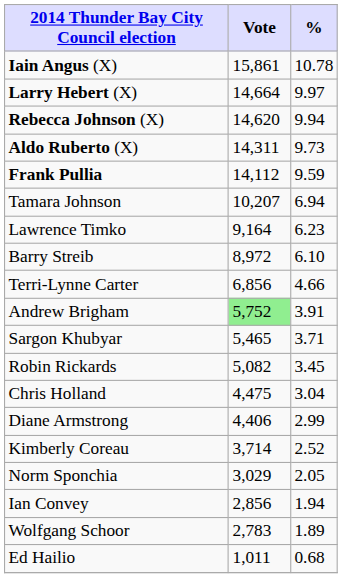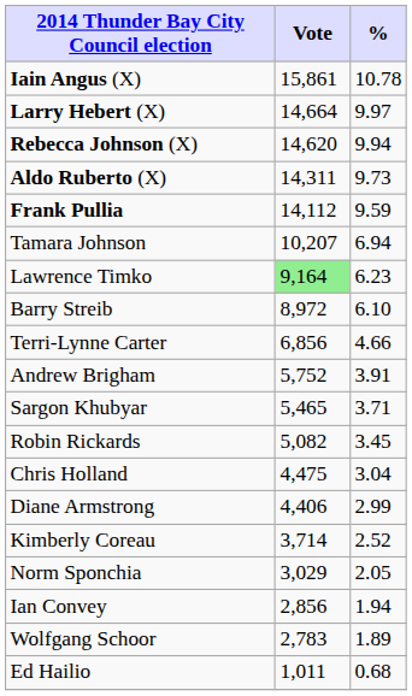 <table class="wikitable">
 <tr>
 <th style="background:#ddf; width:200px;"><a href='#'>2014 Thunder Bay City Council election</a></th>
 <th style="background:#ddf; width:50px;">Vote</th>
 <th style="background:#ddf; width:30px;">%</th>
 </tr>
 <tr>
 <td><strong>Iain Angus</strong> (X)</td>
 <td>15,861</td>
 <td>10.78</td>
 </tr>
 <tr>
 <td><strong>Larry Hebert</strong> (X)</td>
 <td>14,664</td>
 <td>9.97</td>
 </tr>
 <tr>
 <td><strong>Rebecca Johnson</strong> (X)</td>
 <td>14,620</td>
 <td>9.94</td>
 </tr>
 <tr>
 <td><strong>Aldo Ruberto</strong> (X)</td>
 <td>14,311</td>
 <td>9.73</td>
 </tr>
 <tr>
 <td><strong>Frank Pullia</strong></td>
 <td>14,112</td>
 <td>9.59</td>
 </tr>
 <tr>
 <td>Tamara Johnson</td>
 <td>10,207</td>
 <td>6.94</td>
 </tr>
 <tr>
 <td>Lawrence Timko</td>
-<td>9,164</td>
+<td style="background: lightgreen;">9,164</td>
 <td>6.23</td>
 </tr>
 <tr>
 <td>Barry Streib</td>
 <td>8,972</td>
 <td>6.10</td>
 </tr>
 <tr>
 <td>Terri-Lynne Carter</td>
 <td>6,856</td>
 <td>4.66</td>
 </tr>
 <tr>
 <td>Andrew Brigham</td>
-<td style="background: lightgreen;">5,752</td>
+<td>5,752</td>
 <td>3.91</td>
 </tr>
 <tr>
 <td>Sargon Khubyar</td>
 <td>5,465</td>
 <td>3.71</td>
 </tr>
 <tr>
 <td>Robin Rickards</td>
 <td>5,082</td>
 <td>3.45</td>
 </tr>
 <tr>
 <td>Chris Holland</td>
 <td>4,475</td>
 <td>3.04</td>
 </tr>
 <tr>
 <td>Diane Armstrong</td>
 <td>4,406</td>
 <td>2.99</td>
 </tr>
 <tr>
 <td>Kimberly Coreau</td>
 <td>3,714</td>
 <td>2.52</td>
 </tr>
 <tr>
 <td>Norm Sponchia</td>
 <td>3,029</td>
 <td>2.05</td>
 </tr>
 <tr>
 <td>Ian Convey</td>
 <td>2,856</td>
 <td>1.94</td>
 </tr>
 <tr>
 <td>Wolfgang Schoor</td>
 <td>2,783</td>
 <td>1.89</td>
 </tr>
 <tr>
 <td>Ed Hailio</td>
 <td>1,011</td>
 <td>0.68</td>
 </tr>
 <tr>
 </tr>
 </table>
